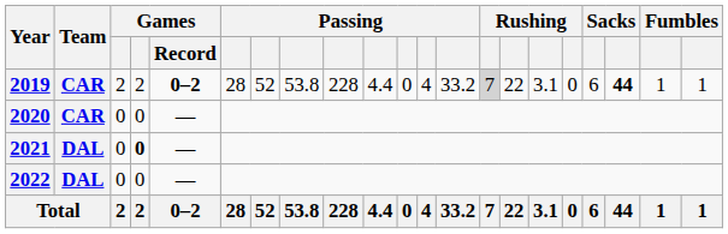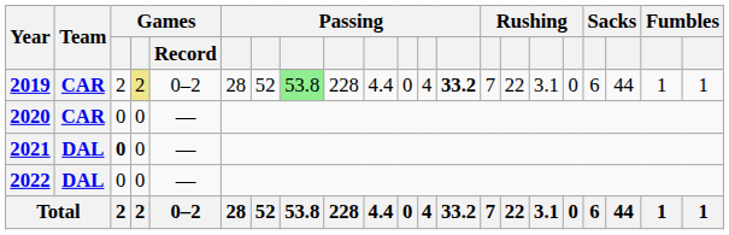 <table class=wikitable style="text-align:center;">
 <tr>
 <th rowspan="2">Year</th>
 <th rowspan="2">Team</th>
 <th colspan="3">Games</th>
 <th colspan="8">Passing</th>
 <th colspan="4">Rushing</th>
 <th colspan="2">Sacks</th>
 <th colspan="2">Fumbles</th>
 </tr>
 <tr>
 <th></th>
 <th></th>
 <th>Record</th>
 <th></th>
 <th></th>
 <th></th>
 <th></th>
 <th></th>
 <th></th>
 <th></th>
 <th></th>
 <th></th>
 <th></th>
 <th></th>
 <th></th>
 <th></th>
 <th></th>
 <th></th>
 <th></th>
 </tr>
 <tr>
 <th><a href='#'>2019</a></th>
 <th><a href='#'>CAR</a></th>
 <td>2</td>
-<td>2</td>
-<td><strong>0–2</strong></td>
+<td style="background: khaki;">2</td>
+<td>0–2</td>
 <td>28</td>
 <td>52</td>
-<td>53.8</td>
+<td style="background: lightgreen;">53.8</td>
 <td>228</td>
 <td>4.4</td>
 <td>0</td>
 <td>4</td>
-<td>33.2</td>
-<td style="background: lightgrey;">7</td>
+<td><strong>33.2</strong></td>
+<td>7</td>
 <td>22</td>
 <td>3.1</td>
 <td>0</td>
 <td>6</td>
-<td><strong>44</strong></td>
+<td>44</td>
 <td>1</td>
 <td>1</td>
 </tr>
 <tr>
 <th><a href='#'>2020</a></th>
 <th><a href='#'>CAR</a></th>
 <td>0</td>
 <td>0</td>
 <td>—</td>
 <td colspan="16"></td>
 </tr>
 <tr>
 <th><a href='#'>2021</a></th>
 <th><a href='#'>DAL</a></th>
+<td><strong>0</strong></td>
 <td>0</td>
-<td><strong>0</strong></td>
 <td>—</td>
 <td colspan="16"></td>
 </tr>
 <tr>
 <th><a href='#'>2022</a></th>
 <th><a href='#'>DAL</a></th>
 <td>0</td>
 <td>0</td>
 <td>—</td>
 <td colspan="16"></td>
 </tr>
 <tr>
 <th colspan="2">Total</th>
 <th>2</th>
 <th>2</th>
 <th>0–2</th>
 <th>28</th>
 <th>52</th>
 <th>53.8</th>
 <th>228</th>
 <th>4.4</th>
 <th>0</th>
 <th>4</th>
 <th>33.2</th>
 <th>7</th>
 <th>22</th>
 <th>3.1</th>
 <th>0</th>
 <th>6</th>
 <th>44</th>
 <th>1</th>
 <th>1</th>
 </tr>
 </table>
